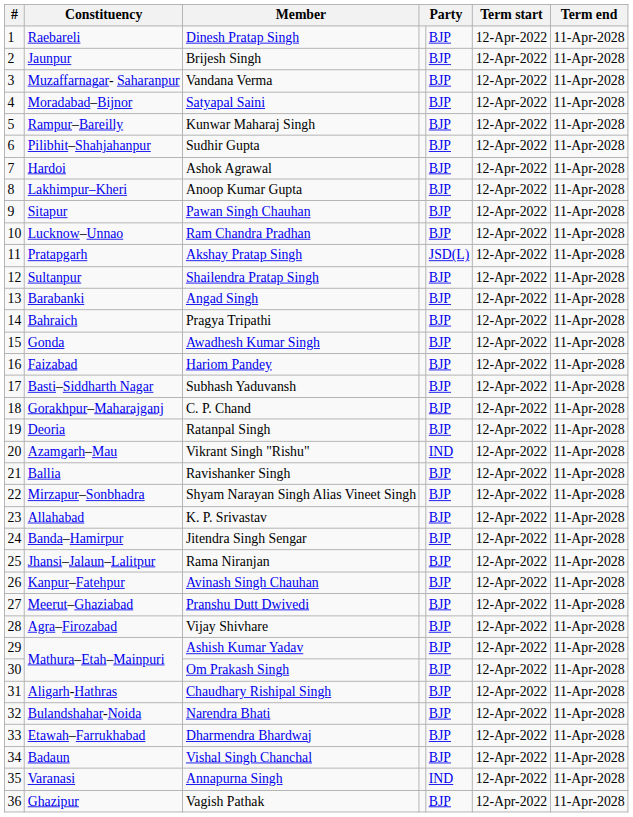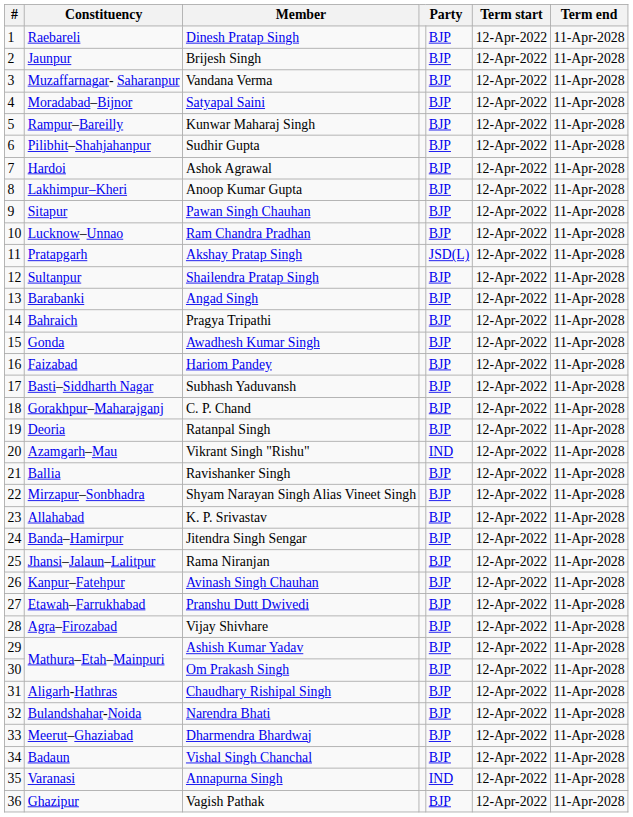 <table class="wikitable sortable">
 <tr>
 <th>#</th>
 <th>Constituency</th>
 <th>Member</th>
 <th colspan="2">Party</th>
 <th>Term start</th>
 <th>Term end</th>
 </tr>
 <tr>
 <td>1</td>
 <td><a href='#'>Raebareli</a></td>
 <td><a href='#'>Dinesh Pratap Singh</a></td>
 <td></td>
 <td><a href='#'>BJP</a></td>
 <td>12-Apr-2022</td>
 <td>11-Apr-2028</td>
 </tr>
 <tr>
 <td>2</td>
 <td><a href='#'>Jaunpur</a></td>
 <td>Brijesh Singh</td>
 <td></td>
 <td><a href='#'>BJP</a></td>
 <td>12-Apr-2022</td>
 <td>11-Apr-2028</td>
 </tr>
 <tr>
 <td>3</td>
 <td><a href='#'>Muzaffarnagar</a>- <a href='#'>Saharanpur</a></td>
 <td>Vandana Verma</td>
 <td></td>
 <td><a href='#'>BJP</a></td>
 <td>12-Apr-2022</td>
 <td>11-Apr-2028</td>
 </tr>
 <tr>
 <td>4</td>
 <td><a href='#'>Moradabad</a>–<a href='#'>Bijnor</a></td>
 <td><a href='#'>Satyapal Saini</a></td>
 <td></td>
 <td><a href='#'>BJP</a></td>
 <td>12-Apr-2022</td>
 <td>11-Apr-2028</td>
 </tr>
 <tr>
 <td>5</td>
 <td><a href='#'>Rampur</a>–<a href='#'>Bareilly</a></td>
 <td>Kunwar Maharaj Singh</td>
 <td></td>
 <td><a href='#'>BJP</a></td>
 <td>12-Apr-2022</td>
 <td>11-Apr-2028</td>
 </tr>
 <tr>
 <td>6</td>
 <td><a href='#'>Pilibhit</a>–<a href='#'>Shahjahanpur</a></td>
 <td>Sudhir Gupta</td>
 <td></td>
 <td><a href='#'>BJP</a></td>
 <td>12-Apr-2022</td>
 <td>11-Apr-2028</td>
 </tr>
 <tr>
 <td>7</td>
 <td><a href='#'>Hardoi</a></td>
 <td>Ashok Agrawal</td>
 <td></td>
 <td><a href='#'>BJP</a></td>
 <td>12-Apr-2022</td>
 <td>11-Apr-2028</td>
 </tr>
 <tr>
 <td>8</td>
 <td><a href='#'>Lakhimpur–Kheri</a></td>
 <td>Anoop Kumar Gupta</td>
 <td></td>
 <td><a href='#'>BJP</a></td>
 <td>12-Apr-2022</td>
 <td>11-Apr-2028</td>
 </tr>
 <tr>
 <td>9</td>
 <td><a href='#'>Sitapur</a></td>
 <td><a href='#'>Pawan Singh Chauhan</a></td>
 <td></td>
 <td><a href='#'>BJP</a></td>
 <td>12-Apr-2022</td>
 <td>11-Apr-2028</td>
 </tr>
 <tr>
 <td>10</td>
 <td><a href='#'>Lucknow</a>–<a href='#'>Unnao</a></td>
 <td><a href='#'>Ram Chandra Pradhan</a></td>
 <td></td>
 <td><a href='#'>BJP</a></td>
 <td>12-Apr-2022</td>
 <td>11-Apr-2028</td>
 </tr>
 <tr>
 <td>11</td>
 <td><a href='#'>Pratapgarh</a></td>
 <td><a href='#'>Akshay Pratap Singh</a></td>
 <td></td>
 <td><a href='#'>JSD(L)</a></td>
 <td>12-Apr-2022</td>
 <td>11-Apr-2028</td>
 </tr>
 <tr>
 <td>12</td>
 <td><a href='#'>Sultanpur</a></td>
 <td><a href='#'>Shailendra Pratap Singh</a></td>
 <td></td>
 <td><a href='#'>BJP</a></td>
 <td>12-Apr-2022</td>
 <td>11-Apr-2028</td>
 </tr>
 <tr>
 <td>13</td>
 <td><a href='#'>Barabanki</a></td>
 <td><a href='#'>Angad Singh</a></td>
 <td></td>
 <td><a href='#'>BJP</a></td>
 <td>12-Apr-2022</td>
 <td>11-Apr-2028</td>
 </tr>
 <tr>
 <td>14</td>
 <td><a href='#'>Bahraich</a></td>
 <td>Pragya Tripathi</td>
 <td></td>
 <td><a href='#'>BJP</a></td>
 <td>12-Apr-2022</td>
 <td>11-Apr-2028</td>
 </tr>
 <tr>
 <td>15</td>
 <td><a href='#'>Gonda</a></td>
 <td><a href='#'>Awadhesh Kumar Singh</a></td>
 <td></td>
 <td><a href='#'>BJP</a></td>
 <td>12-Apr-2022</td>
 <td>11-Apr-2028</td>
 </tr>
 <tr>
 <td>16</td>
 <td><a href='#'>Faizabad</a></td>
 <td><a href='#'>Hariom Pandey</a></td>
 <td></td>
 <td><a href='#'>BJP</a></td>
 <td>12-Apr-2022</td>
 <td>11-Apr-2028</td>
 </tr>
 <tr>
 <td>17</td>
 <td><a href='#'>Basti</a>–<a href='#'>Siddharth Nagar</a></td>
 <td>Subhash Yaduvansh</td>
 <td></td>
 <td><a href='#'>BJP</a></td>
 <td>12-Apr-2022</td>
 <td>11-Apr-2028</td>
 </tr>
 <tr>
 <td>18</td>
 <td><a href='#'>Gorakhpur</a>–<a href='#'>Maharajganj</a></td>
 <td>C. P. Chand</td>
 <td></td>
 <td><a href='#'>BJP</a></td>
 <td>12-Apr-2022</td>
 <td>11-Apr-2028</td>
 </tr>
 <tr>
 <td>19</td>
 <td><a href='#'>Deoria</a></td>
 <td>Ratanpal Singh</td>
 <td></td>
 <td><a href='#'>BJP</a></td>
 <td>12-Apr-2022</td>
 <td>11-Apr-2028</td>
 </tr>
 <tr>
 <td>20</td>
 <td><a href='#'>Azamgarh</a>–<a href='#'>Mau</a></td>
 <td>Vikrant Singh "Rishu"</td>
 <td></td>
 <td><a href='#'>IND</a></td>
 <td>12-Apr-2022</td>
 <td>11-Apr-2028</td>
 </tr>
 <tr>
 <td>21</td>
 <td><a href='#'>Ballia</a></td>
 <td>Ravishanker Singh</td>
 <td></td>
 <td><a href='#'>BJP</a></td>
 <td>12-Apr-2022</td>
 <td>11-Apr-2028</td>
 </tr>
 <tr>
 <td>22</td>
 <td><a href='#'>Mirzapur</a>–<a href='#'>Sonbhadra</a></td>
 <td>Shyam Narayan Singh Alias Vineet Singh</td>
 <td></td>
 <td><a href='#'>BJP</a></td>
 <td>12-Apr-2022</td>
 <td>11-Apr-2028</td>
 </tr>
 <tr>
 <td>23</td>
 <td><a href='#'>Allahabad</a></td>
 <td>K. P. Srivastav</td>
 <td></td>
 <td><a href='#'>BJP</a></td>
 <td>12-Apr-2022</td>
 <td>11-Apr-2028</td>
 </tr>
 <tr>
 <td>24</td>
 <td><a href='#'>Banda</a>–<a href='#'>Hamirpur</a></td>
 <td>Jitendra Singh Sengar</td>
 <td></td>
 <td><a href='#'>BJP</a></td>
 <td>12-Apr-2022</td>
 <td>11-Apr-2028</td>
 </tr>
 <tr>
 <td>25</td>
 <td><a href='#'>Jhansi</a>–<a href='#'>Jalaun</a>–<a href='#'>Lalitpur</a></td>
 <td>Rama Niranjan</td>
 <td></td>
 <td><a href='#'>BJP</a></td>
 <td>12-Apr-2022</td>
 <td>11-Apr-2028</td>
 </tr>
 <tr>
 <td>26</td>
 <td><a href='#'>Kanpur</a>–<a href='#'>Fatehpur</a></td>
 <td><a href='#'>Avinash Singh Chauhan</a></td>
 <td></td>
 <td><a href='#'>BJP</a></td>
 <td>12-Apr-2022</td>
 <td>11-Apr-2028</td>
 </tr>
 <tr>
 <td>27</td>
-<td><a href='#'>Meerut</a>–<a href='#'>Ghaziabad</a></td>
+<td><a href='#'>Etawah</a>–<a href='#'>Farrukhabad</a></td>
 <td><a href='#'>Pranshu Dutt Dwivedi</a></td>
 <td></td>
 <td><a href='#'>BJP</a></td>
 <td>12-Apr-2022</td>
 <td>11-Apr-2028</td>
 </tr>
 <tr>
 <td>28</td>
 <td><a href='#'>Agra</a>–<a href='#'>Firozabad</a></td>
 <td>Vijay Shivhare</td>
 <td></td>
 <td><a href='#'>BJP</a></td>
 <td>12-Apr-2022</td>
 <td>11-Apr-2028</td>
 </tr>
 <tr>
 <td>29</td>
 <td rowspan="2"><a href='#'>Mathura</a>–<a href='#'>Etah</a>–<a href='#'>Mainpuri</a></td>
 <td><a href='#'>Ashish Kumar Yadav</a></td>
 <td></td>
 <td><a href='#'>BJP</a></td>
 <td>12-Apr-2022</td>
 <td>11-Apr-2028</td>
 </tr>
 <tr>
 <td>30</td>
 <td><a href='#'>Om Prakash Singh</a></td>
 <td></td>
 <td><a href='#'>BJP</a></td>
 <td>12-Apr-2022</td>
 <td>11-Apr-2028</td>
 </tr>
 <tr>
 <td>31</td>
 <td><a href='#'>Aligarh</a>-<a href='#'>Hathras</a></td>
 <td><a href='#'>Chaudhary Rishipal Singh</a></td>
 <td></td>
 <td><a href='#'>BJP</a></td>
 <td>12-Apr-2022</td>
 <td>11-Apr-2028</td>
 </tr>
 <tr>
 <td>32</td>
 <td><a href='#'>Bulandshahar</a>-<a href='#'>Noida</a></td>
 <td><a href='#'>Narendra Bhati</a></td>
 <td></td>
 <td><a href='#'>BJP</a></td>
 <td>12-Apr-2022</td>
 <td>11-Apr-2028</td>
 </tr>
 <tr>
 <td>33</td>
-<td><a href='#'>Etawah</a>–<a href='#'>Farrukhabad</a></td>
+<td><a href='#'>Meerut</a>–<a href='#'>Ghaziabad</a></td>
 <td><a href='#'>Dharmendra Bhardwaj</a></td>
 <td></td>
 <td><a href='#'>BJP</a></td>
 <td>12-Apr-2022</td>
 <td>11-Apr-2028</td>
 </tr>
 <tr>
 <td>34</td>
 <td><a href='#'>Badaun</a></td>
 <td><a href='#'>Vishal Singh Chanchal</a></td>
 <td></td>
 <td><a href='#'>BJP</a></td>
 <td>12-Apr-2022</td>
 <td>11-Apr-2028</td>
 </tr>
 <tr>
 <td>35</td>
 <td><a href='#'>Varanasi</a></td>
 <td><a href='#'>Annapurna Singh</a></td>
 <td></td>
 <td><a href='#'>IND</a></td>
 <td>12-Apr-2022</td>
 <td>11-Apr-2028</td>
 </tr>
 <tr>
 <td>36</td>
 <td><a href='#'>Ghazipur</a></td>
 <td>Vagish Pathak</td>
 <td></td>
 <td><a href='#'>BJP</a></td>
 <td>12-Apr-2022</td>
 <td>11-Apr-2028</td>
 </tr>
 </table>
